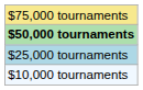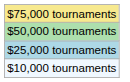 <table class=wikitable style="font-size:85%">
 <tr style="background:#f7e98e;">
 <td>$75,000 tournaments</td>
 </tr>
 <tr style="background:#addfad;">
-<td><strong>$50,000 tournaments</strong></td>
+<td>$50,000 tournaments</td>
 </tr>
 <tr style="background:lightblue;">
 <td>$25,000 tournaments</td>
 </tr>
 <tr style="background:#f0f8ff;">
 <td>$10,000 tournaments</td>
 </tr>
 </table>
